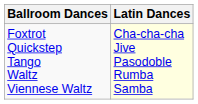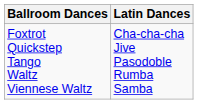 <table class="wikitable">
 <tr>
 <th>Ballroom Dances</th>
 <th>Latin Dances</th>
 </tr>
 <tr>
 <td><a href='#'>Foxtrot</a> <br> <a href='#'>Quickstep</a> <br> <a href='#'>Tango</a> <br> <a href='#'>Waltz</a> <br> <a href='#'>Viennese Waltz</a></td>
-<td style="background: lightyellow;"><a href='#'>Cha-cha-cha</a><br> <a href='#'>Jive</a>  <br> <a href='#'>Pasodoble</a> <br> <a href='#'>Rumba</a> <br> <a href='#'>Samba</a></td>
+<td><a href='#'>Cha-cha-cha</a><br> <a href='#'>Jive</a>  <br> <a href='#'>Pasodoble</a> <br> <a href='#'>Rumba</a> <br> <a href='#'>Samba</a></td>
 </tr>
 </table>
